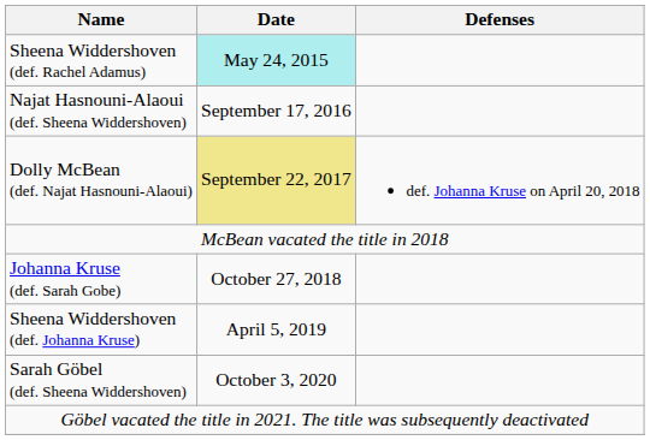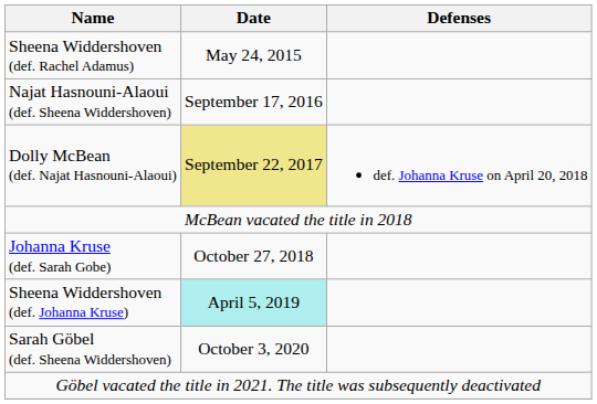 <table class="wikitable">
 <tr>
 <th>Name</th>
 <th>Date</th>
 <th>Defenses</th>
 </tr>
 <tr>
 <td align=left> Sheena Widdershoven <br><small>(def. Rachel Adamus)</small></td>
-<td align=center style="background: paleturquoise;">May 24, 2015</td>
+<td align=center>May 24, 2015</td>
 <td></td>
 </tr>
 <tr>
 <td align=left> Najat Hasnouni-Alaoui <br><small>(def. Sheena Widdershoven)</small></td>
 <td align=center>September 17, 2016</td>
 <td></td>
 </tr>
 <tr>
 <td align=left> Dolly McBean <br><small>(def. Najat Hasnouni-Alaoui)</small></td>
 <td align=center style="background: khaki;">September 22, 2017</td>
 <td><br><ul><li><small>def. <a href='#'>Johanna Kruse</a> on April 20, 2018 </small></li></ul></td>
 </tr>
 <tr>
 <td colspan=3 align=center><em>McBean vacated the title in 2018</em></td>
 </tr>
 <tr>
 <td align=left> <a href='#'>Johanna Kruse</a> <br><small>(def. Sarah Gobe)</small></td>
 <td align=center>October 27, 2018</td>
 <td></td>
 </tr>
 <tr>
 <td align=left> Sheena Widdershoven <br><small>(def. <a href='#'>Johanna Kruse</a>)</small></td>
-<td align=center>April 5, 2019</td>
+<td align=center style="background: paleturquoise;">April 5, 2019</td>
 <td></td>
 </tr>
 <tr>
 <td align=left> Sarah Göbel <br><small>(def. Sheena Widdershoven)</small></td>
 <td align=center>October 3, 2020</td>
 <td></td>
 </tr>
 <tr>
 <td colspan=3 align=center><em>Göbel vacated the title in 2021. The title was subsequently deactivated</em></td>
 </tr>
 <tr>
 </tr>
 </table>
